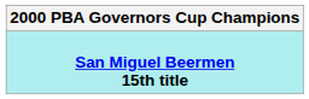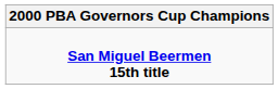 <table class=wikitable style="text-align:center; margin:auto">
 <tr>
 <th>2000 PBA Governors Cup Champions</th>
 </tr>
 <tr>
-<td style="background: paleturquoise;"><br> <strong><a href='#'>San Miguel Beermen</a></strong> <br> <strong>15th title</strong></td>
+<td><br> <strong><a href='#'>San Miguel Beermen</a></strong> <br> <strong>15th title</strong></td>
 </tr>
 </table>
